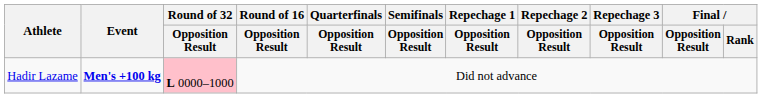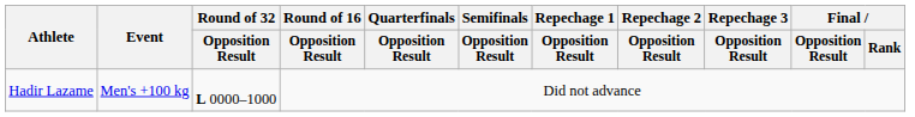 <table class="wikitable" style="font-size:90%">
 <tr>
 <th rowspan="2">Athlete</th>
 <th rowspan="2">Event</th>
 <th>Round of 32</th>
 <th>Round of 16</th>
 <th>Quarterfinals</th>
 <th>Semifinals</th>
 <th>Repechage 1</th>
 <th>Repechage 2</th>
 <th>Repechage 3</th>
 <th colspan=2>Final / </th>
 </tr>
 <tr style="font-size:95%">
 <th>Opposition<br>Result</th>
 <th>Opposition<br>Result</th>
 <th>Opposition<br>Result</th>
 <th>Opposition<br>Result</th>
 <th>Opposition<br>Result</th>
 <th>Opposition<br>Result</th>
 <th>Opposition<br>Result</th>
 <th>Opposition<br>Result</th>
 <th>Rank</th>
 </tr>
 <tr align=center>
 <td align=left><a href='#'>Hadir Lazame</a></td>
-<td align=left><strong><a href='#'>Men's +100 kg</a></strong></td>
-<td style="background: pink;"><br><strong>L</strong> 0000–1000</td>
+<td align=left><a href='#'>Men's +100 kg</a></td>
+<td><br><strong>L</strong> 0000–1000</td>
 <td colspan=8>Did not advance</td>
 </tr>
 </table>
